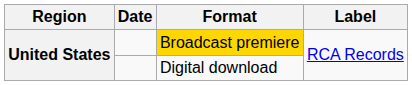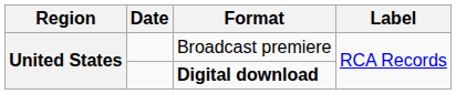 <table class="wikitable plainrowheaders">
 <tr>
 <th scope="col">Region</th>
 <th>Date</th>
 <th>Format</th>
 <th>Label</th>
 </tr>
 <tr>
 <th scope="row" rowspan="2">United States</th>
 <td></td>
-<td style="background: gold;">Broadcast premiere</td>
+<td>Broadcast premiere</td>
 <td rowspan="2"><a href='#'>RCA Records</a></td>
 </tr>
 <tr>
 <td></td>
-<td>Digital download</td>
+<td><strong>Digital download</strong></td>
 </tr>
 </table>
